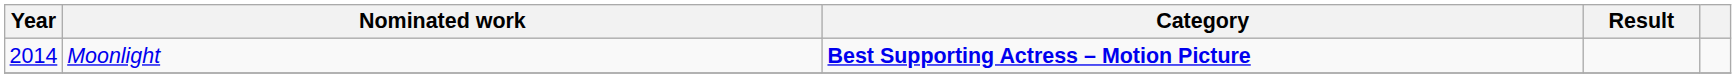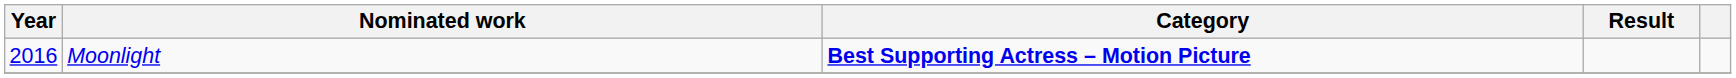 <table class="wikitable">
 <tr>
 <th scope="col" style="width:1em;">Year</th>
 <th scope="col" style="width:35em;">Nominated work</th>
 <th scope="col" style="width:35em;">Category</th>
 <th scope="col" style="width:5em;">Result</th>
 <th scope="col" style="width:1em;"></th>
 </tr>
 <tr>
-<td><a href='#'>2014</a></td>
+<td><a href='#'>2016</a></td>
 <td><em><a href='#'>Moonlight</a></em></td>
 <td><strong><a href='#'>Best Supporting Actress – Motion Picture</a></strong></td>
 <td></td>
 <td></td>
 </tr>
 <tr>
 </tr>
 </table>
